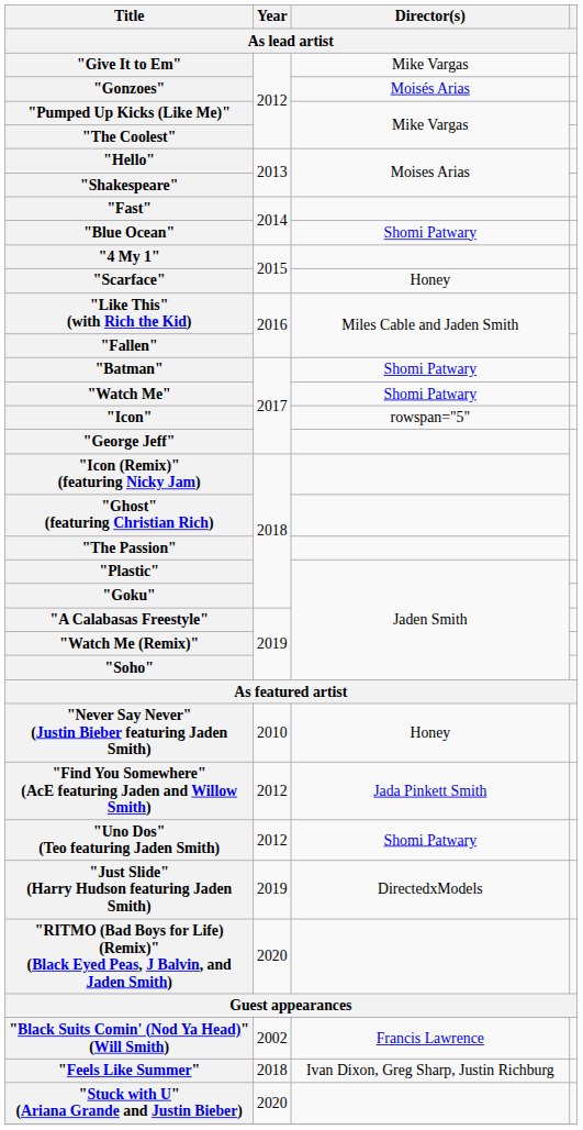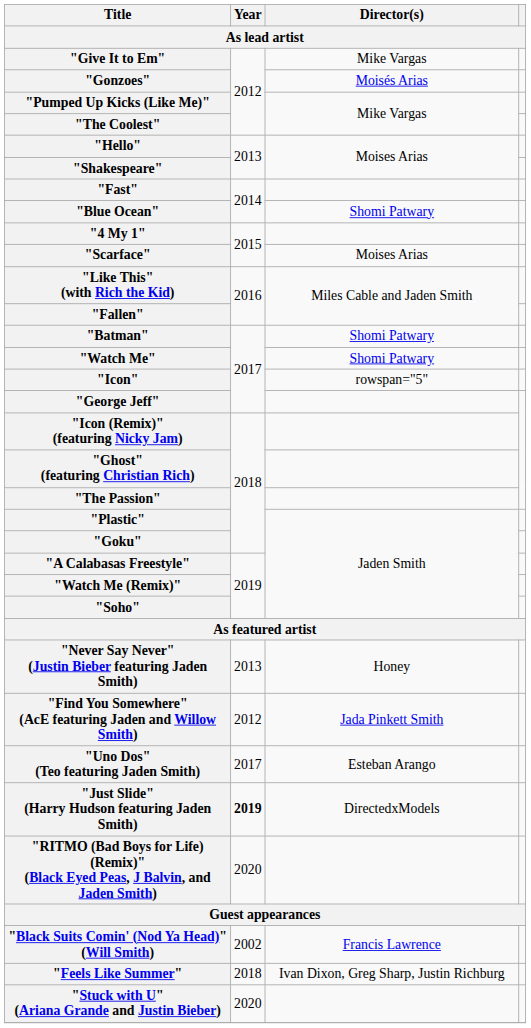 <table class="wikitable plainrowheaders" style="text-align:center;">
 <tr>
 <th scope="col" style="width:16em;">Title</th>
 <th scope="col">Year</th>
 <th scope="col" style="width:18em;">Director(s)</th>
 <th scope="col"></th>
 </tr>
 <tr>
 <th scope="col" colspan="5">As lead artist</th>
 </tr>
 <tr>
 <th scope="row">"Give It to Em"</th>
 <td rowspan="4">2012</td>
 <td>Mike Vargas</td>
 <td></td>
 </tr>
 <tr>
 <th scope="row">"Gonzoes"</th>
 <td><a href='#'>Moisés Arias</a></td>
 <td></td>
 </tr>
 <tr>
 <th scope="row">"Pumped Up Kicks (Like Me)"</th>
 <td rowspan="2">Mike Vargas</td>
 <td></td>
 </tr>
 <tr>
 <th scope="row">"The Coolest"</th>
 <td></td>
 </tr>
 <tr>
 <th scope="row">"Hello"</th>
 <td rowspan="2">2013</td>
 <td rowspan="2">Moises Arias</td>
 <td></td>
 </tr>
 <tr>
 <th scope="row">"Shakespeare"</th>
 <td></td>
 </tr>
 <tr>
 <th scope="row">"Fast"</th>
 <td rowspan="2">2014</td>
 <td></td>
 <td></td>
 </tr>
 <tr>
 <th scope="row">"Blue Ocean"</th>
 <td><a href='#'>Shomi Patwary</a></td>
 <td></td>
 </tr>
 <tr>
 <th scope="row">"4 My 1"</th>
 <td rowspan="2">2015</td>
 <td></td>
 <td></td>
 </tr>
 <tr>
 <th scope="row">"Scarface"</th>
-<td>Honey</td>
+<td>Moises Arias</td>
 <td></td>
 </tr>
 <tr>
 <th scope="row">"Like This"<br><span>(with <a href='#'>Rich the Kid</a>)</span></th>
 <td rowspan="2">2016</td>
 <td rowspan="2">Miles Cable and Jaden Smith</td>
 <td></td>
 </tr>
 <tr>
 <th scope="row">"Fallen"</th>
 <td></td>
 </tr>
 <tr>
 <th scope="row">"Batman"</th>
 <td rowspan="4">2017</td>
 <td><a href='#'>Shomi Patwary</a></td>
 <td></td>
 </tr>
 <tr>
 <th scope="row">"Watch Me"</th>
 <td><a href='#'>Shomi Patwary</a></td>
 <td></td>
 </tr>
 <tr>
 <th scope="row">"Icon"</th>
 <td>rowspan="5" </td>
 <td></td>
 </tr>
 <tr>
 <th scope="row">"George Jeff"</th>
 <td></td>
 </tr>
 <tr>
 <th scope="row">"Icon (Remix)"<br><span>(featuring <a href='#'>Nicky Jam</a>)</span></th>
 <td rowspan="5">2018</td>
 <td></td>
 </tr>
 <tr>
 <th scope="row">"Ghost"<br><span>(featuring <a href='#'>Christian Rich</a>)</span></th>
 <td></td>
 </tr>
 <tr>
 <th scope="row">"The Passion"</th>
 <td></td>
 </tr>
 <tr>
 <th scope="row">"Plastic"</th>
 <td rowspan="5">Jaden Smith</td>
 <td></td>
 </tr>
 <tr>
 <th scope="row">"Goku"</th>
 <td></td>
 </tr>
 <tr>
 <th scope="row">"A Calabasas Freestyle"</th>
 <td rowspan="3">2019</td>
 <td></td>
 </tr>
 <tr>
 <th scope="row">"Watch Me (Remix)"</th>
 <td></td>
 </tr>
 <tr>
 <th scope="row">"Soho"</th>
 <td></td>
 </tr>
 <tr>
 <th scope="col" colspan="5">As featured artist</th>
 </tr>
 <tr>
 <th scope="row">"Never Say Never"<br><span>(<a href='#'>Justin Bieber</a> featuring Jaden Smith)</span></th>
-<td>2010</td>
+<td>2013</td>
 <td>Honey</td>
 <td></td>
 </tr>
 <tr>
 <th scope="row">"Find You Somewhere"<br><span>(AcE featuring Jaden and <a href='#'>Willow Smith</a>)</span></th>
 <td>2012</td>
 <td><a href='#'>Jada Pinkett Smith</a></td>
 <td></td>
 </tr>
 <tr>
 <th scope="row">"Uno Dos"<br><span>(Teo featuring Jaden Smith)</span></th>
-<td>2012</td>
-<td><a href='#'>Shomi Patwary</a></td>
+<td>2017</td>
+<td>Esteban Arango</td>
 <td></td>
 </tr>
 <tr>
 <th scope="row">"Just Slide"<br><span>(Harry Hudson featuring Jaden Smith)</span></th>
-<td>2019</td>
+<td><strong>2019</strong></td>
 <td>DirectedxModels</td>
 <td></td>
 </tr>
 <tr>
 <th scope="row">"RITMO (Bad Boys for Life) (Remix)"<br><span>(<a href='#'>Black Eyed Peas</a>, <a href='#'>J Balvin</a>, and <a href='#'>Jaden Smith</a>)</span></th>
 <td>2020</td>
 <td></td>
 <td></td>
 </tr>
 <tr>
 <th scope="col" colspan="5">Guest appearances</th>
 </tr>
 <tr>
 <th scope="row">"<a href='#'>Black Suits Comin' (Nod Ya Head)</a>"<br><span>(<a href='#'>Will Smith</a>)</span></th>
 <td>2002</td>
 <td><a href='#'>Francis Lawrence</a></td>
 <td></td>
 </tr>
 <tr>
 <th scope="row">"<a href='#'>Feels Like Summer</a>"</th>
 <td>2018</td>
 <td>Ivan Dixon, Greg Sharp, Justin Richburg</td>
 <td></td>
 </tr>
 <tr>
 <th scope="row">"<a href='#'>Stuck with U</a>"<br><span>(<a href='#'>Ariana Grande</a> and <a href='#'>Justin Bieber</a>)</span></th>
 <td>2020</td>
 <td></td>
 <td></td>
 </tr>
 <tr>
 </tr>
 </table>
